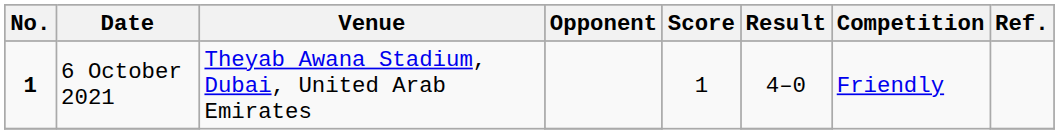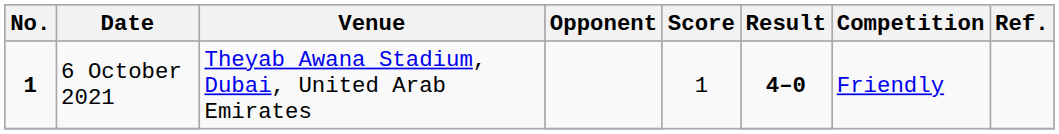 <table class="wikitable">
 <tr>
 <th>No.</th>
 <th>Date</th>
 <th>Venue</th>
 <th>Opponent</th>
 <th>Score</th>
 <th>Result</th>
 <th>Competition</th>
 <th>Ref.</th>
 </tr>
 <tr>
 <td style="text-align:center;"><strong>1</strong></td>
 <td>6 October 2021</td>
 <td rowspan=2><a href='#'>Theyab Awana Stadium</a>, <a href='#'>Dubai</a>, United Arab Emirates</td>
 <td></td>
 <td rowspan=2 style="text-align:center;">1</td>
-<td style="text-align:center;">4–0</td>
+<td style="text-align:center;"><strong>4–0</strong></td>
 <td rowspan=2><a href='#'>Friendly</a></td>
 <td></td>
 </tr>
 <tr>
 </tr>
 </table>
